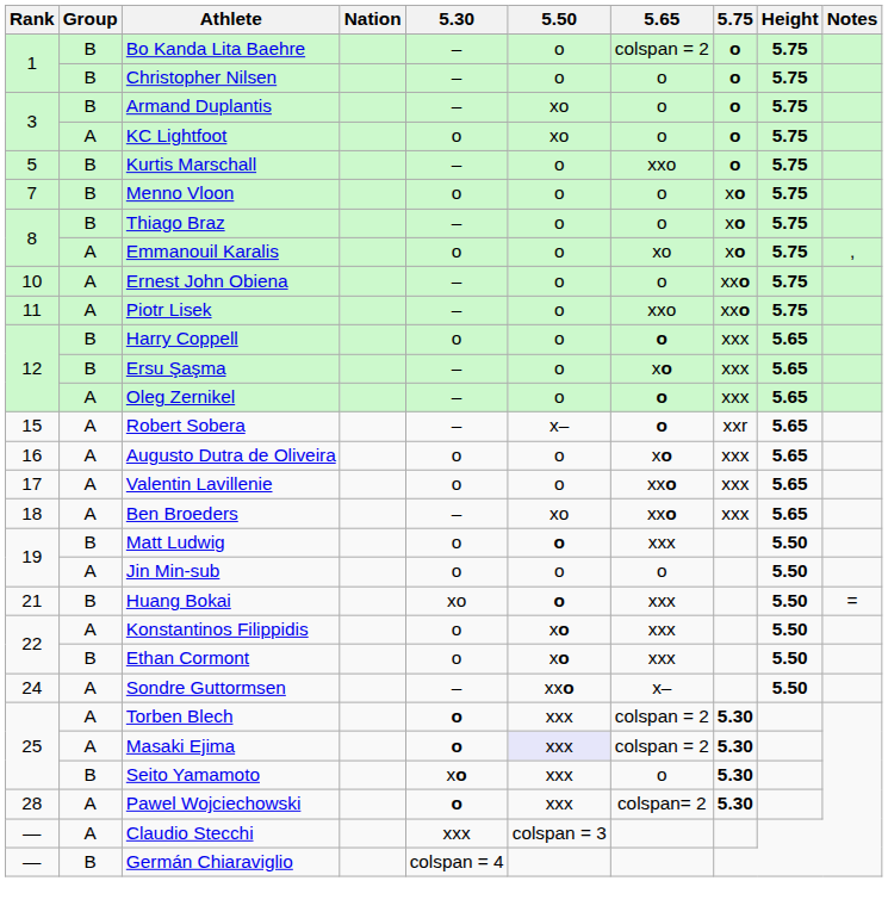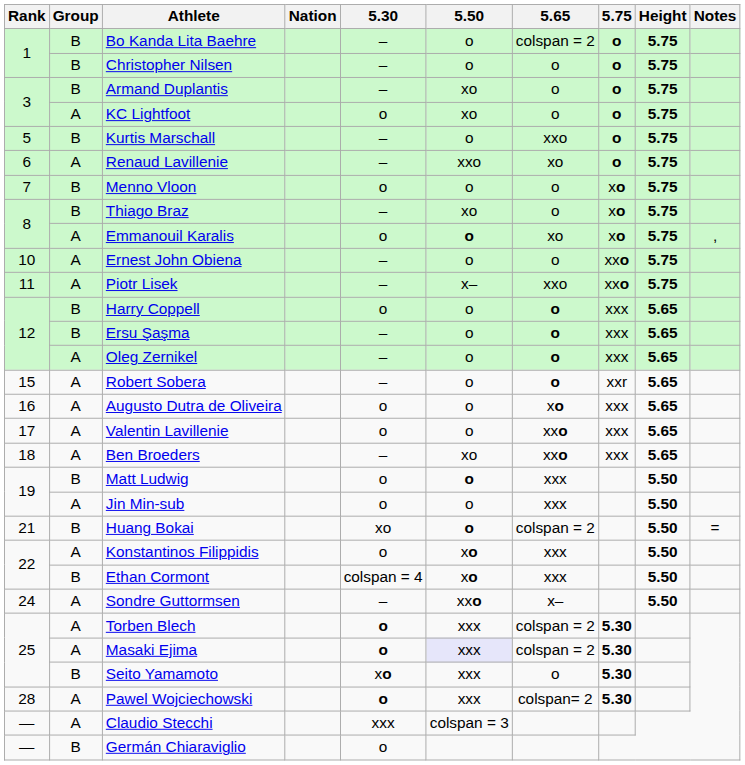 <table class="wikitable sortable" style="text-align:center">
 <tr>
 <th>Rank</th>
 <th>Group</th>
 <th>Athlete</th>
 <th>Nation</th>
 <th>5.30</th>
 <th>5.50</th>
 <th>5.65</th>
 <th>5.75</th>
 <th>Height</th>
 <th>Notes</th>
 </tr>
 <tr bgcolor=#ccf9cc>
 <td rowspan = 2>1</td>
 <td>B</td>
 <td align="left"><a href='#'>Bo Kanda Lita Baehre</a></td>
 <td align="left"></td>
 <td>–</td>
 <td>o</td>
 <td>colspan = 2 </td>
 <td><strong>o</strong></td>
 <td><strong>5.75</strong></td>
 <td></td>
 </tr>
 <tr bgcolor=#ccf9cc>
 <td>B</td>
 <td align="left"><a href='#'>Christopher Nilsen</a></td>
 <td align="left"></td>
 <td>–</td>
 <td>o</td>
 <td>o</td>
 <td><strong>o</strong></td>
 <td><strong>5.75</strong></td>
 <td></td>
 </tr>
 <tr bgcolor=#ccf9cc>
 <td rowspan = 2>3</td>
 <td>B</td>
 <td align="left"><a href='#'>Armand Duplantis</a></td>
 <td align="left"></td>
 <td>–</td>
 <td>xo</td>
 <td>o</td>
 <td><strong>o</strong></td>
 <td><strong>5.75</strong></td>
 <td></td>
 </tr>
 <tr bgcolor=#ccf9cc>
 <td>A</td>
 <td align="left"><a href='#'>KC Lightfoot</a></td>
 <td align="left"></td>
 <td>o</td>
 <td>xo</td>
 <td>o</td>
 <td><strong>o</strong></td>
 <td><strong>5.75</strong></td>
 <td></td>
 </tr>
 <tr bgcolor=#ccf9cc>
 <td>5</td>
 <td>B</td>
 <td align="left"><a href='#'>Kurtis Marschall</a></td>
 <td align="left"></td>
 <td>–</td>
 <td>o</td>
 <td>xxo</td>
 <td><strong>o</strong></td>
 <td><strong>5.75</strong></td>
 <td></td>
 </tr>
 <tr bgcolor=#ccf9cc>
+<td>6</td>
+<td>A</td>
+<td align="left"><a href='#'>Renaud Lavillenie</a></td>
+<td align="left"></td>
+<td>–</td>
+<td>xxo</td>
+<td>xo</td>
+<td><strong>o</strong></td>
+<td><strong>5.75</strong></td>
+<td></td>
+</tr>
+<tr bgcolor=#ccf9cc>
 <td>7</td>
 <td>B</td>
 <td align="left"><a href='#'>Menno Vloon</a></td>
 <td align="left"></td>
 <td>o</td>
 <td>o</td>
 <td>o</td>
 <td>x<strong>o</strong></td>
 <td><strong>5.75</strong></td>
 <td></td>
 </tr>
 <tr bgcolor=#ccf9cc>
 <td rowspan = 2>8</td>
 <td>B</td>
 <td align="left"><a href='#'>Thiago Braz</a></td>
 <td align="left"></td>
 <td>–</td>
-<td>o</td>
+<td>xo</td>
 <td>o</td>
 <td>x<strong>o</strong></td>
 <td><strong>5.75</strong></td>
 <td></td>
 </tr>
 <tr bgcolor=#ccf9cc>
 <td>A</td>
 <td align="left"><a href='#'>Emmanouil Karalis</a></td>
 <td align="left"></td>
 <td>o</td>
-<td>o</td>
+<td><strong>o</strong></td>
 <td>xo</td>
 <td>x<strong>o</strong></td>
 <td><strong>5.75</strong></td>
 <td>, </td>
 </tr>
 <tr bgcolor=#ccf9cc>
 <td>10</td>
 <td>A</td>
 <td align="left"><a href='#'>Ernest John Obiena</a></td>
 <td align="left"></td>
 <td>–</td>
 <td>o</td>
 <td>o</td>
 <td>xx<strong>o</strong></td>
 <td><strong>5.75</strong></td>
 <td></td>
 </tr>
 <tr bgcolor=#ccf9cc>
 <td>11</td>
 <td>A</td>
 <td align="left"><a href='#'>Piotr Lisek</a></td>
 <td align="left"></td>
 <td>–</td>
-<td>o</td>
+<td>x–</td>
 <td>xxo</td>
 <td>xx<strong>o</strong></td>
 <td><strong>5.75</strong></td>
 <td></td>
 </tr>
 <tr bgcolor=#ccf9cc>
 <td rowspan = 3>12</td>
 <td>B</td>
 <td align="left"><a href='#'>Harry Coppell</a></td>
 <td align="left"></td>
 <td>o</td>
 <td>o</td>
 <td><strong>o</strong></td>
 <td>xxx</td>
 <td><strong>5.65</strong></td>
 <td></td>
 </tr>
 <tr bgcolor=#ccf9cc>
 <td>B</td>
 <td align="left"><a href='#'>Ersu Şaşma</a></td>
 <td align="left"></td>
 <td>–</td>
 <td>o</td>
-<td>x<strong>o</strong></td>
+<td><strong>o</strong></td>
 <td>xxx</td>
 <td><strong>5.65</strong></td>
 <td></td>
 </tr>
 <tr bgcolor=#ccf9cc>
 <td>A</td>
 <td align="left"><a href='#'>Oleg Zernikel</a></td>
 <td align="left"></td>
 <td>–</td>
 <td>o</td>
 <td><strong>o</strong></td>
 <td>xxx</td>
 <td><strong>5.65</strong></td>
 <td></td>
 </tr>
 <tr>
 <td>15</td>
 <td>A</td>
 <td align="left"><a href='#'>Robert Sobera</a></td>
 <td align="left"></td>
 <td>–</td>
-<td>x–</td>
+<td>o</td>
 <td><strong>o</strong></td>
 <td>xxr</td>
 <td><strong>5.65</strong></td>
 <td></td>
 </tr>
 <tr>
 <td>16</td>
 <td>A</td>
 <td align="left"><a href='#'>Augusto Dutra de Oliveira</a></td>
 <td align="left"></td>
 <td>o</td>
 <td>o</td>
 <td>x<strong>o</strong></td>
 <td>xxx</td>
 <td><strong>5.65</strong></td>
 <td></td>
 </tr>
 <tr>
 <td>17</td>
 <td>A</td>
 <td align="left"><a href='#'>Valentin Lavillenie</a></td>
 <td align="left"></td>
 <td>o</td>
 <td>o</td>
 <td>xx<strong>o</strong></td>
 <td>xxx</td>
 <td><strong>5.65</strong></td>
 <td></td>
 </tr>
 <tr>
 <td>18</td>
 <td>A</td>
 <td align="left"><a href='#'>Ben Broeders</a></td>
 <td align="left"></td>
 <td>–</td>
 <td>xo</td>
 <td>xx<strong>o</strong></td>
 <td>xxx</td>
 <td><strong>5.65</strong></td>
 <td></td>
 </tr>
 <tr>
 <td rowspan = 2>19</td>
 <td>B</td>
 <td align="left"><a href='#'>Matt Ludwig</a></td>
 <td align="left"></td>
 <td>o</td>
 <td><strong>o</strong></td>
 <td>xxx</td>
 <td></td>
 <td><strong>5.50</strong></td>
 <td></td>
 </tr>
 <tr>
 <td>A</td>
 <td align="left"><a href='#'>Jin Min-sub</a></td>
 <td align="left"></td>
 <td>o</td>
 <td>o</td>
-<td>o</td>
+<td>xxx</td>
 <td></td>
 <td><strong>5.50</strong></td>
 <td></td>
 </tr>
 <tr>
 <td>21</td>
 <td>B</td>
 <td align="left"><a href='#'>Huang Bokai</a></td>
 <td align="left"></td>
 <td>xo</td>
 <td><strong>o</strong></td>
-<td>xxx</td>
+<td>colspan = 2 </td>
 <td></td>
 <td><strong>5.50</strong></td>
 <td>=</td>
 </tr>
 <tr>
 <td rowspan = 2>22</td>
 <td>A</td>
 <td align="left"><a href='#'>Konstantinos Filippidis</a></td>
 <td align="left"></td>
 <td>o</td>
 <td>x<strong>o</strong></td>
 <td>xxx</td>
 <td></td>
 <td><strong>5.50</strong></td>
 <td></td>
 </tr>
 <tr>
 <td>B</td>
 <td align="left"><a href='#'>Ethan Cormont</a></td>
 <td align="left"></td>
-<td>o</td>
+<td>colspan = 4 </td>
 <td>x<strong>o</strong></td>
 <td>xxx</td>
 <td></td>
 <td><strong>5.50</strong></td>
 <td></td>
 </tr>
 <tr>
 <td>24</td>
 <td>A</td>
 <td align="left"><a href='#'>Sondre Guttormsen</a></td>
 <td align="left"></td>
 <td>–</td>
 <td>xx<strong>o</strong></td>
 <td>x–</td>
 <td></td>
 <td><strong>5.50</strong></td>
 <td></td>
 </tr>
 <tr>
 <td rowspan = 3>25</td>
 <td>A</td>
 <td align="left"><a href='#'>Torben Blech</a></td>
 <td align="left"></td>
 <td><strong>o</strong></td>
 <td>xxx</td>
 <td>colspan = 2 </td>
 <td><strong>5.30</strong></td>
 <td></td>
 </tr>
 <tr>
 <td>A</td>
 <td align="left"><a href='#'>Masaki Ejima</a></td>
 <td align="left"></td>
 <td><strong>o</strong></td>
 <td style="background: lavender;">xxx</td>
 <td>colspan = 2 </td>
 <td><strong>5.30</strong></td>
 <td></td>
 </tr>
 <tr>
 <td>B</td>
 <td align="left"><a href='#'>Seito Yamamoto</a></td>
 <td align="left"></td>
 <td>x<strong>o</strong></td>
 <td>xxx</td>
 <td>o</td>
 <td><strong>5.30</strong></td>
 <td></td>
 </tr>
 <tr>
 <td>28</td>
 <td>A</td>
 <td align="left"><a href='#'>Pawel Wojciechowski</a></td>
 <td align="left"></td>
 <td><strong>o</strong></td>
 <td>xxx</td>
 <td>colspan= 2 </td>
 <td><strong>5.30</strong></td>
 <td></td>
 </tr>
 <tr>
 <td data-sort-value=29>—</td>
 <td>A</td>
 <td align="left"><a href='#'>Claudio Stecchi</a></td>
 <td align="left"></td>
 <td>xxx</td>
 <td>colspan = 3 </td>
 <td></td>
 <td></td>
 </tr>
 <tr>
 <td data-sort-value=30>—</td>
 <td>B</td>
 <td align="left"><a href='#'>Germán Chiaraviglio</a></td>
 <td align="left"></td>
-<td>colspan = 4 </td>
+<td>o</td>
 <td></td>
 <td></td>
 </tr>
 </table>
